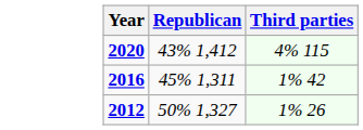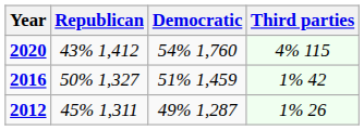 <table class="wikitable" style="float:right; font-size:95%;">
 <tr bgcolor=lightgrey>
 <th>Year</th>
 <th><a href='#'>Republican</a></th>
+<th><a href='#'>Democratic</a></th>
 <th><a href='#'>Third parties</a></th>
 </tr>
 <tr>
 <td style="text-align:center; "><strong><a href='#'>2020</a></strong></td>
 <td style="text-align:center; "><em>43%</em> <em>1,412</em></td>
+<td style="text-align:center; "><em>54%</em> <em>1,760</em></td>
 <td style="text-align:center; background:honeyDew;"><em>4%</em> <em>115</em></td>
 </tr>
 <tr>
 <td style="text-align:center; "><strong><a href='#'>2016</a></strong></td>
-<td style="text-align:center; "><em>45%</em> <em>1,311</em></td>
+<td style="text-align:center; "><em>50%</em> <em>1,327</em></td>
+<td style="text-align:center; "><em>51%</em> <em>1,459</em></td>
 <td style="text-align:center; background:honeyDew;"><em>1%</em> <em>42</em></td>
 </tr>
 <tr>
 <td style="text-align:center; "><strong><a href='#'>2012</a></strong></td>
-<td style="text-align:center; "><em>50%</em> <em>1,327</em></td>
+<td style="text-align:center; "><em>45%</em> <em>1,311</em></td>
+<td style="text-align:center; "><em>49%</em> <em>1,287</em></td>
 <td style="text-align:center; background:honeyDew;"><em>1%</em> <em>26</em></td>
 </tr>
 </table>
